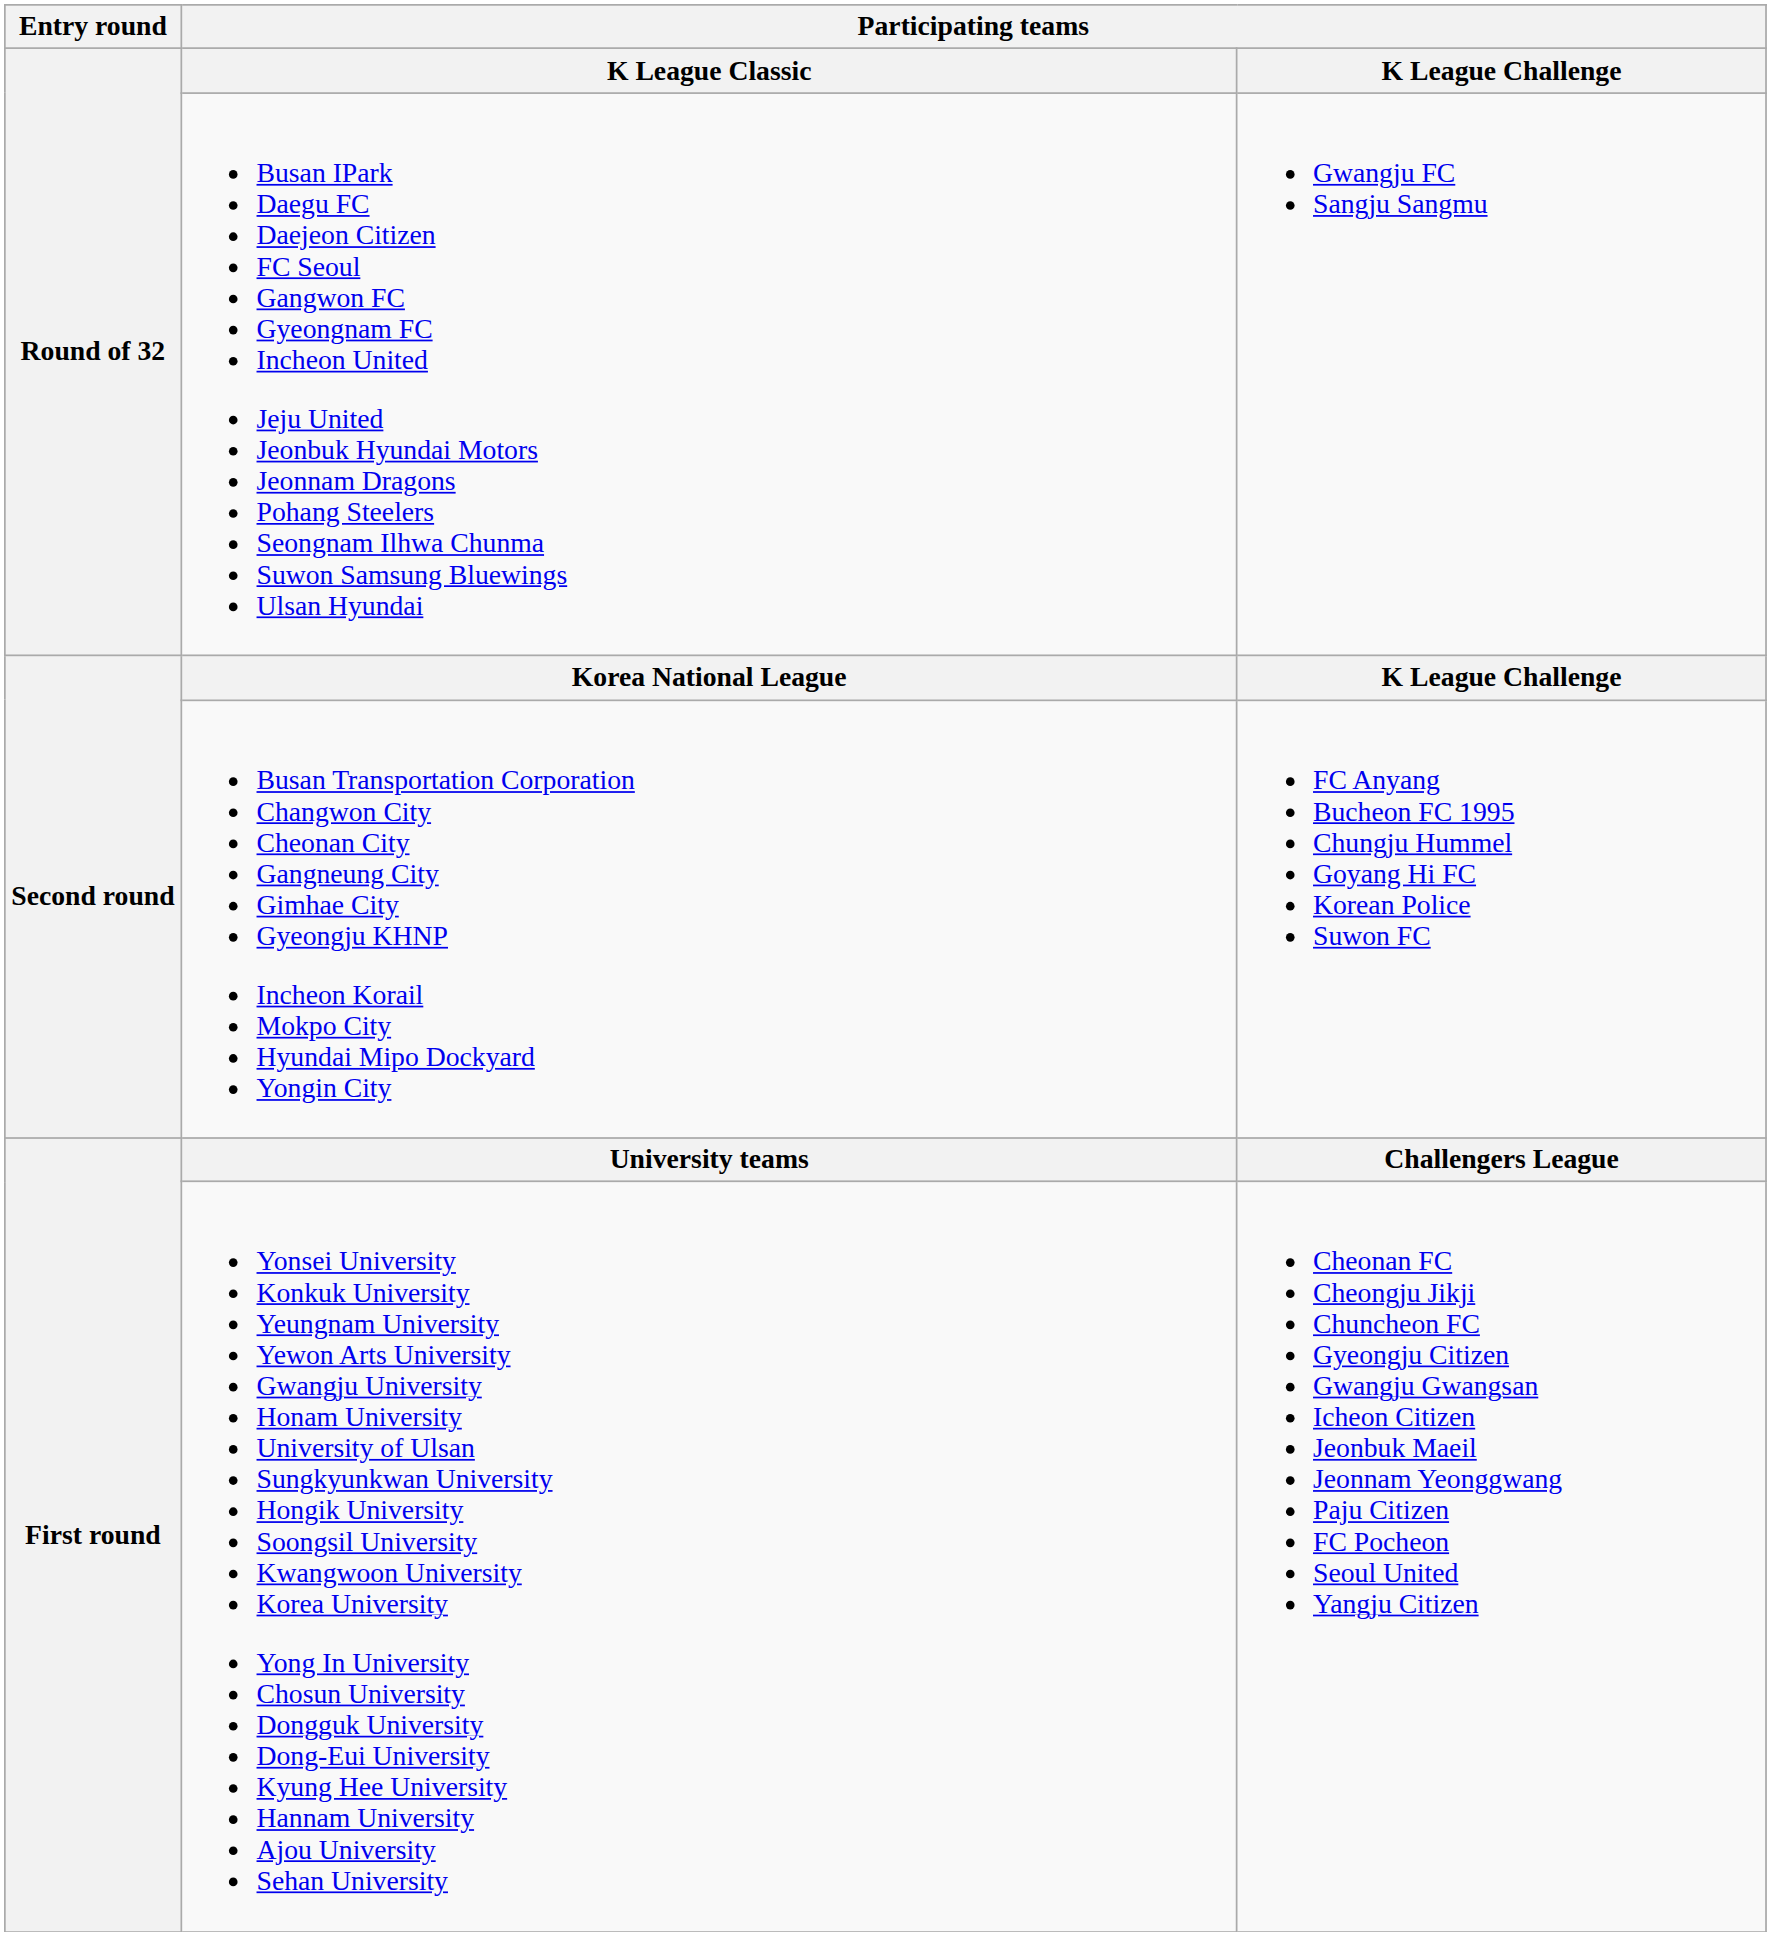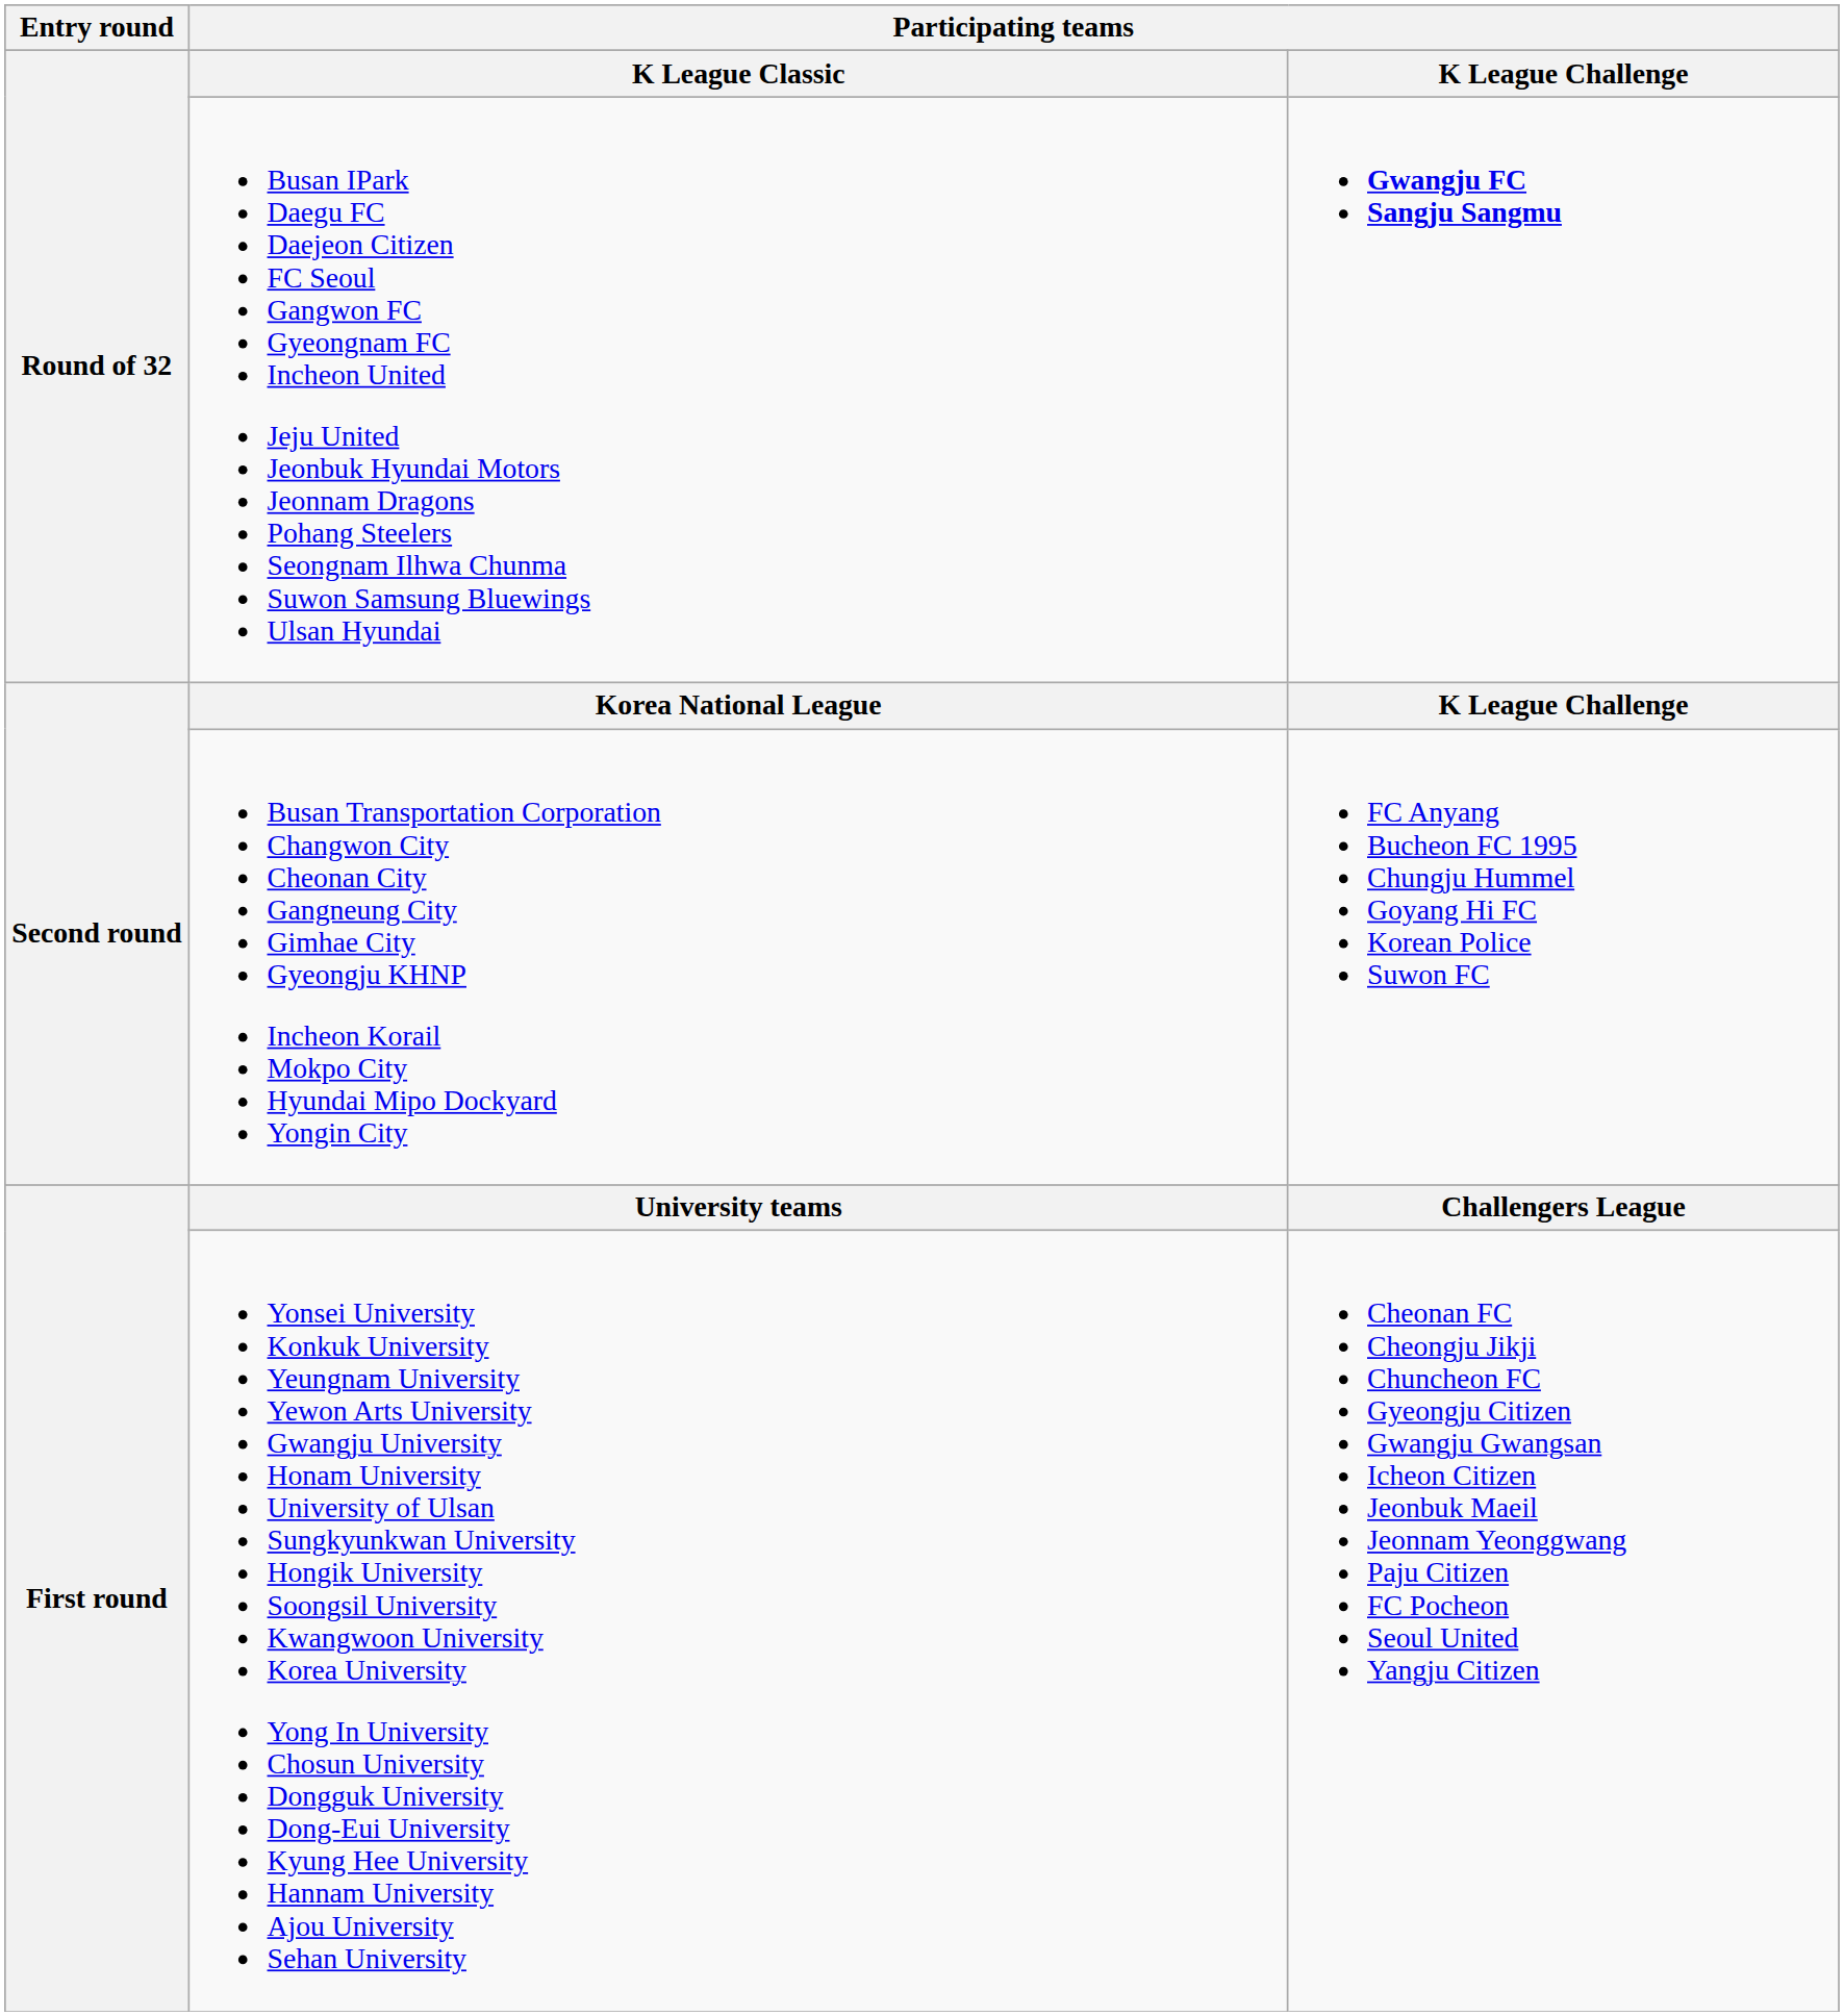 <table class="wikitable">
 <tr>
 <th>Entry round</th>
 <th colspan="2">Participating teams</th>
 </tr>
 <tr>
 <th width="10%" rowspan="2">Round of 32</th>
 <th width="60%">K League Classic<br></th>
 <th width="30%">K League Challenge<br></th>
 </tr>
 <tr style="vertical-align:top">
 <td><br> <ul><li><a href='#'>Busan IPark</a></li><li><a href='#'>Daegu FC</a></li><li><a href='#'>Daejeon Citizen</a></li><li><a href='#'>FC Seoul</a></li><li><a href='#'>Gangwon FC</a></li><li><a href='#'>Gyeongnam FC</a></li><li><a href='#'>Incheon United</a></li></ul><ul><li><a href='#'>Jeju United</a></li><li><a href='#'>Jeonbuk Hyundai Motors</a></li><li><a href='#'>Jeonnam Dragons</a></li><li><a href='#'>Pohang Steelers</a></li><li><a href='#'>Seongnam Ilhwa Chunma</a></li><li><a href='#'>Suwon Samsung Bluewings</a></li><li><a href='#'>Ulsan Hyundai</a></li></ul></td>
-<td><br><ul><li><a href='#'>Gwangju FC</a></li><li><a href='#'>Sangju Sangmu</a></li></ul></td>
+<td><strong><br><ul><li><a href='#'>Gwangju FC</a></li><li><a href='#'>Sangju Sangmu</a></li></ul></strong></td>
 </tr>
 <tr>
 <th rowspan="2">Second round</th>
 <th>Korea National League<br></th>
 <th>K League Challenge<br></th>
 </tr>
 <tr style="vertical-align:top">
 <td><br> <ul><li><a href='#'>Busan Transportation Corporation</a></li><li><a href='#'>Changwon City</a></li><li><a href='#'>Cheonan City</a></li><li><a href='#'>Gangneung City</a></li><li><a href='#'>Gimhae City</a></li><li><a href='#'>Gyeongju KHNP</a></li></ul><ul><li><a href='#'>Incheon Korail</a></li><li><a href='#'>Mokpo City</a></li><li><a href='#'>Hyundai Mipo Dockyard</a></li><li><a href='#'>Yongin City</a></li></ul></td>
 <td><br><ul><li><a href='#'>FC Anyang</a></li><li><a href='#'>Bucheon FC 1995</a></li><li><a href='#'>Chungju Hummel</a></li><li><a href='#'>Goyang Hi FC</a></li><li><a href='#'>Korean Police</a></li><li><a href='#'>Suwon FC</a></li></ul></td>
 </tr>
 <tr>
 <th rowspan="2">First round</th>
 <th>University teams<br></th>
 <th>Challengers League<br></th>
 </tr>
 <tr style="vertical-align:top">
 <td><br> <ul><li><a href='#'>Yonsei University</a></li><li><a href='#'>Konkuk University</a></li><li><a href='#'>Yeungnam University</a></li><li><a href='#'>Yewon Arts University</a></li><li><a href='#'>Gwangju University</a></li><li><a href='#'>Honam University</a></li><li><a href='#'>University of Ulsan</a></li><li><a href='#'>Sungkyunkwan University</a></li><li><a href='#'>Hongik University</a></li><li><a href='#'>Soongsil University</a></li><li><a href='#'>Kwangwoon University</a></li><li><a href='#'>Korea University</a></li></ul><ul><li><a href='#'>Yong In University</a></li><li><a href='#'>Chosun University</a></li><li><a href='#'>Dongguk University</a></li><li><a href='#'>Dong-Eui University</a></li><li><a href='#'>Kyung Hee University</a></li><li><a href='#'>Hannam University</a></li><li><a href='#'>Ajou University</a></li><li><a href='#'>Sehan University</a></li></ul></td>
 <td><br><ul><li><a href='#'>Cheonan FC</a></li><li><a href='#'>Cheongju Jikji</a></li><li><a href='#'>Chuncheon FC</a></li><li><a href='#'>Gyeongju Citizen</a></li><li><a href='#'>Gwangju Gwangsan</a></li><li><a href='#'>Icheon Citizen</a></li><li><a href='#'>Jeonbuk Maeil</a></li><li><a href='#'>Jeonnam Yeonggwang</a></li><li><a href='#'>Paju Citizen</a></li><li><a href='#'>FC Pocheon</a></li><li><a href='#'>Seoul United</a></li><li><a href='#'>Yangju Citizen</a></li></ul></td>
 </tr>
 </table>
